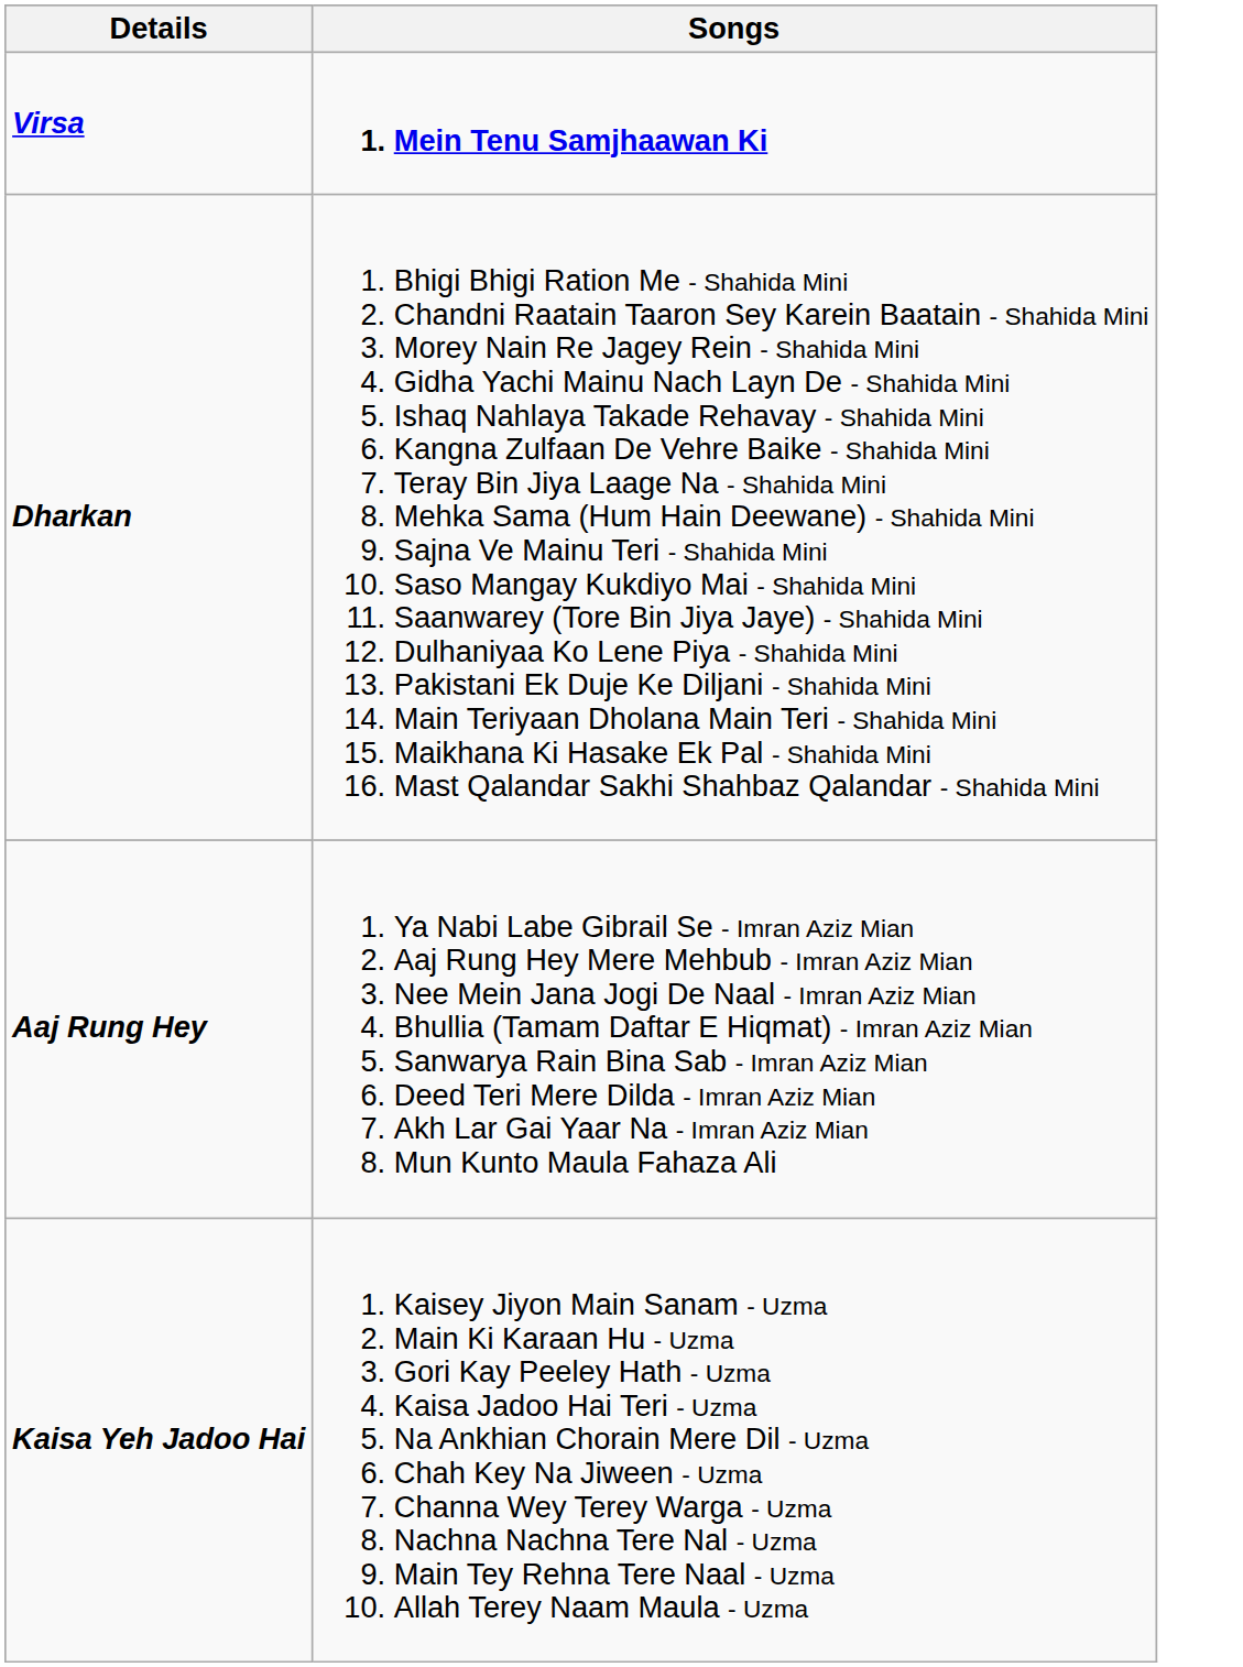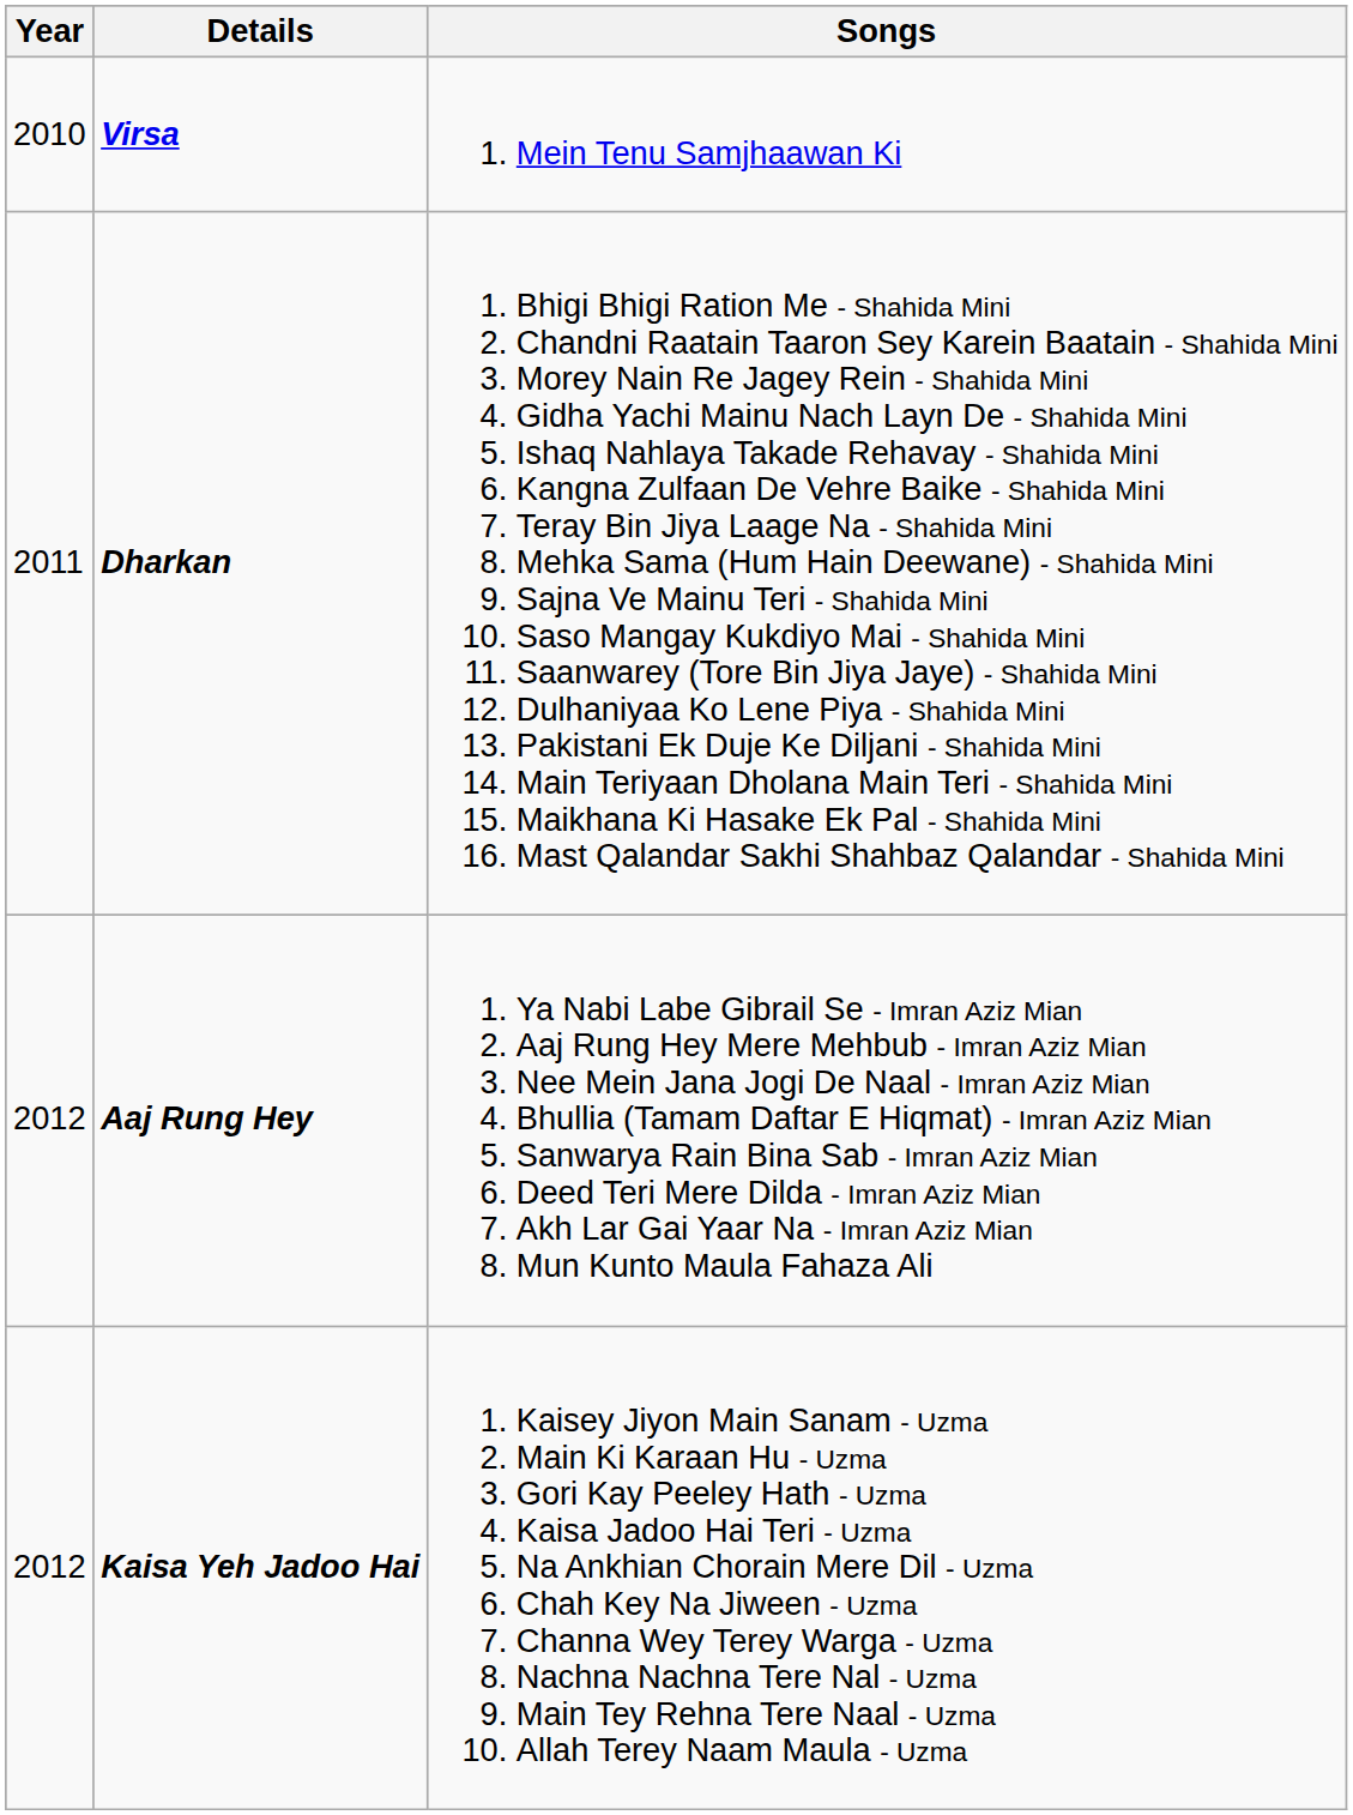 <table class="wikitable sortable">
 <tr>
+<th>Year</th>
 <th>Details</th>
 <th>Songs</th>
 </tr>
 <tr>
+<td>2010</td>
 <td><strong><em><a href='#'>Virsa</a></em></strong></td>
-<td><strong><br><ol><li><a href='#'>Mein Tenu Samjhaawan Ki</a></li></ol></strong></td>
+<td><br><ol><li><a href='#'>Mein Tenu Samjhaawan Ki</a></li></ol></td>
 </tr>
 <tr>
+<td>2011</td>
 <td><strong><em>Dharkan</em></strong></td>
 <td><br><ol><li>Bhigi Bhigi Ration Me <small>- Shahida Mini</small></li><li>Chandni Raatain Taaron Sey Karein Baatain <small>- Shahida Mini</small></li><li>Morey Nain Re Jagey Rein <small>- Shahida Mini</small></li><li>Gidha Yachi Mainu Nach Layn De <small>- Shahida Mini</small></li><li>Ishaq Nahlaya Takade Rehavay <small>- Shahida Mini</small></li><li>Kangna Zulfaan De Vehre Baike <small>- Shahida Mini</small></li><li>Teray Bin Jiya Laage Na <small>- Shahida Mini</small></li><li>Mehka Sama (Hum Hain Deewane) <small>- Shahida Mini</small></li><li>Sajna Ve Mainu Teri <small>- Shahida Mini</small></li><li>Saso Mangay Kukdiyo Mai <small>- Shahida Mini</small></li><li>Saanwarey (Tore Bin Jiya Jaye) <small>- Shahida Mini</small></li><li>Dulhaniyaa Ko Lene Piya <small>- Shahida Mini</small></li><li>Pakistani Ek Duje Ke Diljani <small>- Shahida Mini</small></li><li>Main Teriyaan Dholana Main Teri <small>- Shahida Mini</small></li><li>Maikhana Ki Hasake Ek Pal <small>- Shahida Mini</small></li><li>Mast Qalandar Sakhi Shahbaz Qalandar <small>- Shahida Mini</small></li></ol></td>
 </tr>
 <tr>
+<td>2012</td>
 <td><strong><em>Aaj Rung Hey</em></strong></td>
 <td><br><ol><li>Ya Nabi Labe Gibrail Se <small>- Imran Aziz Mian</small></li><li>Aaj Rung Hey Mere Mehbub <small>- Imran Aziz Mian</small></li><li>Nee Mein Jana Jogi De Naal <small>- Imran Aziz Mian</small></li><li>Bhullia (Tamam Daftar E Hiqmat) <small>- Imran Aziz Mian</small></li><li>Sanwarya Rain Bina Sab <small>- Imran Aziz Mian</small></li><li>Deed Teri Mere Dilda <small>- Imran Aziz Mian</small></li><li>Akh Lar Gai Yaar Na <small>- Imran Aziz Mian</small></li><li>Mun Kunto Maula Fahaza Ali</li></ol></td>
 </tr>
 <tr>
+<td>2012</td>
 <td><strong><em>Kaisa Yeh Jadoo Hai</em></strong></td>
 <td><br><ol><li>Kaisey Jiyon Main Sanam <small>- Uzma </small></li><li>Main Ki Karaan Hu <small>- Uzma </small></li><li>Gori Kay Peeley Hath <small>- Uzma </small></li><li>Kaisa Jadoo Hai Teri <small>- Uzma </small></li><li>Na Ankhian Chorain Mere Dil <small>- Uzma </small></li><li>Chah Key Na Jiween <small>- Uzma </small></li><li>Channa Wey Terey Warga <small>- Uzma </small></li><li>Nachna Nachna Tere Nal <small>- Uzma </small></li><li>Main Tey Rehna Tere Naal <small>- Uzma </small></li><li>Allah Terey Naam Maula <small>- Uzma </small></li></ol></td>
 </tr>
 </table>
